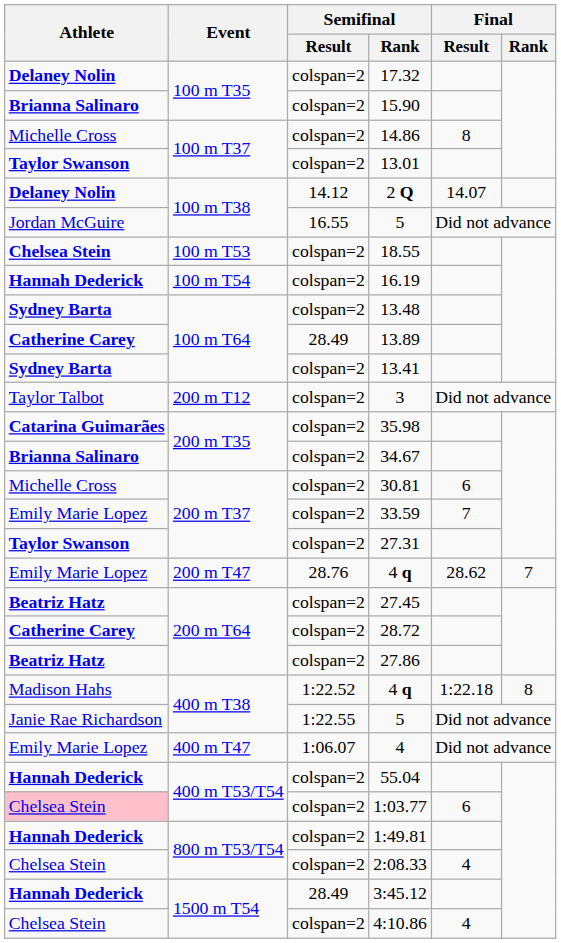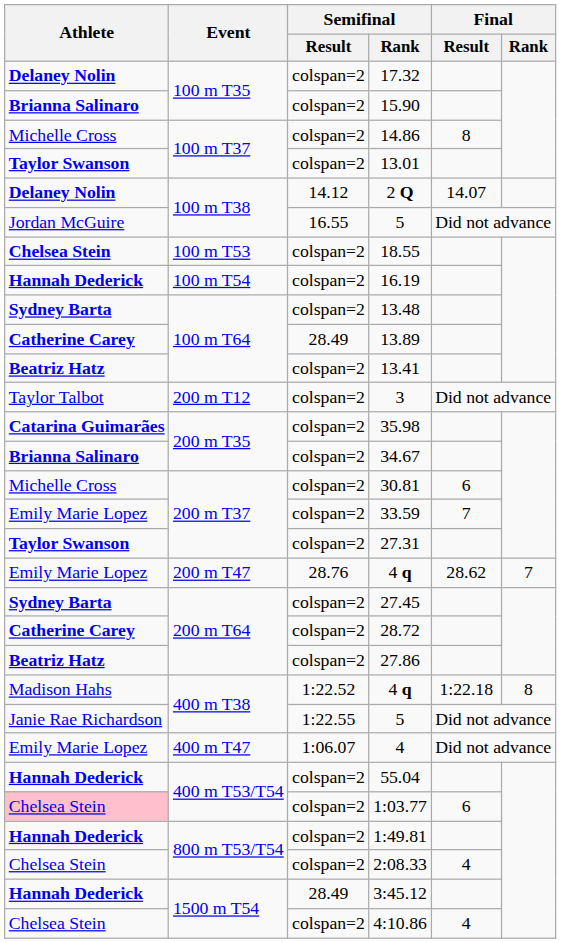 <table class="wikitable" style="font-size:90%">
 <tr>
 <th rowspan="2">Athlete</th>
 <th rowspan="2">Event</th>
 <th colspan="2">Semifinal</th>
 <th colspan="2">Final</th>
 </tr>
 <tr style="font-size:95%">
 <th>Result</th>
 <th>Rank</th>
 <th>Result</th>
 <th>Rank</th>
 </tr>
 <tr align=center>
 <td align=left><strong><a href='#'>Delaney Nolin</a></strong></td>
 <td align=left rowspan=2><a href='#'>100 m T35</a></td>
 <td>colspan=2 </td>
 <td>17.32</td>
 <td></td>
 </tr>
 <tr align=center>
 <td align=left><strong><a href='#'>Brianna Salinaro</a></strong></td>
 <td>colspan=2 </td>
 <td>15.90</td>
 <td></td>
 </tr>
 <tr align=center>
 <td align=left><a href='#'>Michelle Cross</a></td>
 <td align=left rowspan=2><a href='#'>100 m T37</a></td>
 <td>colspan=2 </td>
 <td>14.86</td>
 <td>8</td>
 </tr>
 <tr align=center>
 <td align=left><strong><a href='#'>Taylor Swanson</a></strong></td>
 <td>colspan=2 </td>
 <td>13.01</td>
 <td></td>
 </tr>
 <tr align=center>
 <td align=left><strong><a href='#'>Delaney Nolin</a></strong></td>
 <td align=left rowspan=2><a href='#'>100 m T38</a></td>
 <td>14.12</td>
 <td>2 <strong>Q</strong></td>
 <td>14.07</td>
 <td></td>
 </tr>
 <tr align=center>
 <td align=left><a href='#'>Jordan McGuire</a></td>
 <td>16.55</td>
 <td>5</td>
 <td colspan=2>Did not advance</td>
 </tr>
 <tr align=center>
 <td align=left><strong><a href='#'>Chelsea Stein</a></strong></td>
 <td align=left><a href='#'>100 m T53</a></td>
 <td>colspan=2 </td>
 <td>18.55</td>
 <td></td>
 </tr>
 <tr align=center>
 <td align=left><strong><a href='#'>Hannah Dederick</a></strong></td>
 <td align=left><a href='#'>100 m T54</a></td>
 <td>colspan=2 </td>
 <td>16.19</td>
 <td></td>
 </tr>
 <tr align=center>
 <td align=left><strong><a href='#'>Sydney Barta</a></strong></td>
 <td align=left rowspan=3><a href='#'>100 m T64</a></td>
 <td>colspan=2 </td>
 <td>13.48</td>
 <td></td>
 </tr>
 <tr align=center>
 <td align=left><strong><a href='#'>Catherine Carey</a></strong></td>
 <td>28.49</td>
 <td>13.89</td>
 <td></td>
 </tr>
 <tr align=center>
-<td align=left><strong><a href='#'>Sydney Barta</a></strong></td>
+<td align=left><strong><a href='#'>Beatriz Hatz</a></strong></td>
 <td>colspan=2 </td>
 <td>13.41</td>
 <td></td>
 </tr>
 <tr align=center>
 <td align=left><a href='#'>Taylor Talbot</a></td>
 <td align=left><a href='#'>200 m T12</a></td>
 <td>colspan=2 </td>
 <td>3</td>
 <td colspan=2>Did not advance</td>
 </tr>
 <tr align=center>
 <td align=left><strong><a href='#'>Catarina Guimarães</a></strong></td>
 <td align=left rowspan=2><a href='#'>200 m T35</a></td>
 <td>colspan=2 </td>
 <td>35.98</td>
 <td></td>
 </tr>
 <tr align=center>
 <td align=left><strong><a href='#'>Brianna Salinaro</a></strong></td>
 <td>colspan=2 </td>
 <td>34.67</td>
 <td></td>
 </tr>
 <tr align=center>
 <td align=left><a href='#'>Michelle Cross</a></td>
 <td align=left rowspan=3><a href='#'>200 m T37</a></td>
 <td>colspan=2 </td>
 <td>30.81</td>
 <td>6</td>
 </tr>
 <tr align=center>
 <td align=left><a href='#'>Emily Marie Lopez</a></td>
 <td>colspan=2 </td>
 <td>33.59</td>
 <td>7</td>
 </tr>
 <tr align=center>
 <td align=left><strong><a href='#'>Taylor Swanson</a></strong></td>
 <td>colspan=2 </td>
 <td>27.31</td>
 <td></td>
 </tr>
 <tr align=center>
 <td align=left><a href='#'>Emily Marie Lopez</a></td>
 <td align=left><a href='#'>200 m T47</a></td>
 <td>28.76</td>
 <td>4 <strong>q</strong></td>
 <td>28.62</td>
 <td>7</td>
 </tr>
 <tr align=center>
-<td align=left><strong><a href='#'>Beatriz Hatz</a></strong></td>
+<td align=left><strong><a href='#'>Sydney Barta</a></strong></td>
 <td align=left rowspan=3><a href='#'>200 m T64</a></td>
 <td>colspan=2 </td>
 <td>27.45</td>
 <td></td>
 </tr>
 <tr align=center>
 <td align=left><strong><a href='#'>Catherine Carey</a></strong></td>
 <td>colspan=2 </td>
 <td>28.72</td>
 <td></td>
 </tr>
 <tr align=center>
 <td align=left><strong><a href='#'>Beatriz Hatz</a></strong></td>
 <td>colspan=2 </td>
 <td>27.86</td>
 <td></td>
 </tr>
 <tr align=center>
 <td align=left><a href='#'>Madison Hahs</a></td>
 <td align=left rowspan=2><a href='#'>400 m T38</a></td>
 <td>1:22.52</td>
 <td>4 <strong>q</strong></td>
 <td>1:22.18</td>
 <td>8</td>
 </tr>
 <tr align=center>
 <td align=left><a href='#'>Janie Rae Richardson</a></td>
 <td>1:22.55</td>
 <td>5</td>
 <td colspan=2>Did not advance</td>
 </tr>
 <tr align=center>
 <td align=left><a href='#'>Emily Marie Lopez</a></td>
 <td align=left><a href='#'>400 m T47</a></td>
 <td>1:06.07</td>
 <td>4</td>
 <td colspan=2>Did not advance</td>
 </tr>
 <tr align=center>
 <td align=left><strong><a href='#'>Hannah Dederick</a></strong></td>
 <td align=left rowspan=2><a href='#'>400 m T53/T54</a></td>
 <td>colspan=2 </td>
 <td>55.04</td>
 <td></td>
 </tr>
 <tr align=center>
 <td align=left style="background: pink;"><a href='#'>Chelsea Stein</a></td>
 <td>colspan=2 </td>
 <td>1:03.77</td>
 <td>6</td>
 </tr>
 <tr align=center>
 <td align=left><strong><a href='#'>Hannah Dederick</a></strong></td>
 <td align=left rowspan=2><a href='#'>800 m T53/T54</a></td>
 <td>colspan=2 </td>
 <td>1:49.81</td>
 <td></td>
 </tr>
 <tr align=center>
 <td align=left><a href='#'>Chelsea Stein</a></td>
 <td>colspan=2 </td>
 <td>2:08.33</td>
 <td>4</td>
 </tr>
 <tr align=center>
 <td align=left><strong><a href='#'>Hannah Dederick</a></strong></td>
 <td align=left rowspan=2><a href='#'>1500 m T54</a></td>
 <td>28.49</td>
 <td>3:45.12</td>
 <td></td>
 </tr>
 <tr align=center>
 <td align=left><a href='#'>Chelsea Stein</a></td>
 <td>colspan=2 </td>
 <td>4:10.86</td>
 <td>4</td>
 </tr>
 </table>
